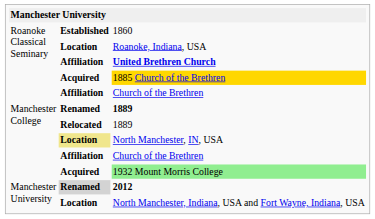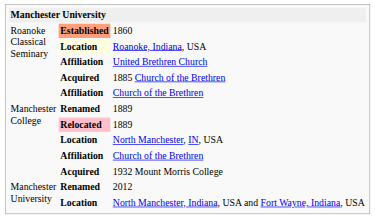 <table class="infobox" cellpadding="2" cellspacing="2" style="font-size: 90%;">
 <tr>
 <th colspan="4"  style="text-align:left; background:#efefef;">Manchester University</th>
 </tr>
 <tr>
 <td style="width:10pt;" rowspan="5">Roanoke Classical Seminary</td>
-<td><strong>Established</strong></td>
+<td style="background: lightsalmon;"><strong>Established</strong></td>
 <td>1860</td>
 </tr>
 <tr>
-<td><strong>Location</strong></td>
+<td style="background: lightyellow;"><strong>Location</strong></td>
 <td><a href='#'>Roanoke, Indiana</a>, USA</td>
 </tr>
 <tr>
 <td><strong>Affiliation</strong></td>
-<td><strong><a href='#'>United Brethren Church</a></strong></td>
+<td><a href='#'>United Brethren Church</a></td>
 </tr>
 <tr>
 <td><strong>Acquired</strong></td>
-<td style="background: gold;">1885 <a href='#'>Church of the Brethren</a></td>
+<td>1885 <a href='#'>Church of the Brethren</a></td>
 </tr>
 <tr>
 <td><strong>Affiliation</strong></td>
 <td><a href='#'>Church of the Brethren</a></td>
 </tr>
 <tr>
 <td style="width:10pt;" rowspan="5">Manchester College</td>
 <td><strong>Renamed</strong></td>
-<td><strong>1889</strong></td>
-</tr>
-<tr>
-<td><strong>Relocated</strong></td>
 <td>1889</td>
 </tr>
 <tr>
-<td style="background: khaki;"><strong>Location</strong></td>
+<td style="background: pink;"><strong>Relocated</strong></td>
+<td>1889</td>
+</tr>
+<tr>
+<td><strong>Location</strong></td>
 <td><a href='#'>North Manchester</a>, <a href='#'>IN</a>, USA</td>
 </tr>
 <tr>
 <td><strong>Affiliation</strong></td>
 <td><a href='#'>Church of the Brethren</a></td>
 </tr>
 <tr>
 <td><strong>Acquired</strong></td>
-<td style="background: lightgreen;">1932 Mount Morris College</td>
+<td>1932 Mount Morris College</td>
 </tr>
 <tr>
 <td style="width:10pt;" rowspan="11">Manchester University</td>
-<td style="background: lightgrey;"><strong>Renamed</strong></td>
-<td><strong>2012</strong></td>
+<td><strong>Renamed</strong></td>
+<td>2012</td>
 </tr>
 <tr>
 <td><strong>Location</strong></td>
 <td><a href='#'>North Manchester, Indiana</a>, USA and <a href='#'>Fort Wayne, Indiana</a>, USA</td>
 </tr>
 </table>
